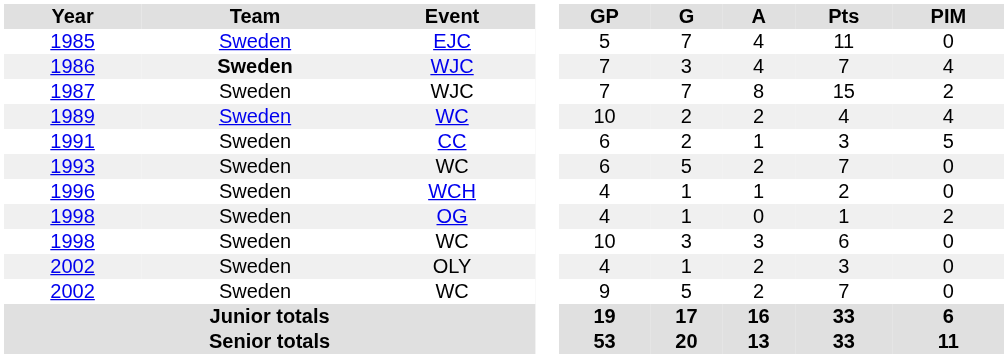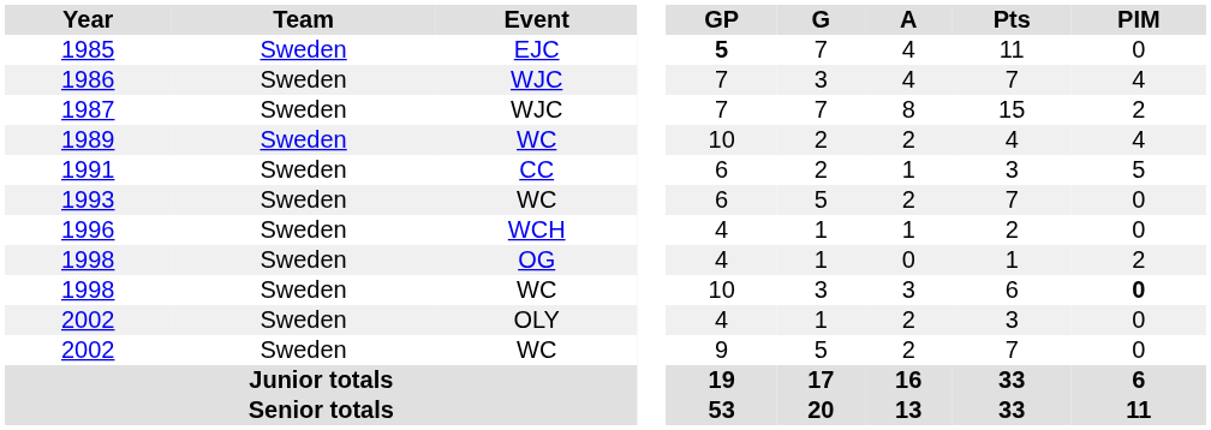 <table border="0" cellpadding="1" cellspacing="0" style="text-align:center; width:50em">
 <tr ALIGN="center" bgcolor="#e0e0e0">
 <th>Year</th>
 <th>Team</th>
 <th>Event</th>
 <th rowspan="99" bgcolor="#ffffff"> </th>
 <th>GP</th>
 <th>G</th>
 <th>A</th>
 <th>Pts</th>
 <th>PIM</th>
 </tr>
 <tr>
 <td><a href='#'>1985</a></td>
 <td><a href='#'>Sweden</a></td>
 <td><a href='#'>EJC</a></td>
-<td>5</td>
+<td><strong>5</strong></td>
 <td>7</td>
 <td>4</td>
 <td>11</td>
 <td>0</td>
 </tr>
 <tr bgcolor="#f0f0f0">
 <td><a href='#'>1986</a></td>
-<td><strong>Sweden</strong></td>
+<td>Sweden</td>
 <td><a href='#'>WJC</a></td>
 <td>7</td>
 <td>3</td>
 <td>4</td>
 <td>7</td>
 <td>4</td>
 </tr>
 <tr>
 <td><a href='#'>1987</a></td>
 <td>Sweden</td>
 <td>WJC</td>
 <td>7</td>
 <td>7</td>
 <td>8</td>
 <td>15</td>
 <td>2</td>
 </tr>
 <tr bgcolor="#f0f0f0">
 <td><a href='#'>1989</a></td>
 <td><a href='#'>Sweden</a></td>
 <td><a href='#'>WC</a></td>
 <td>10</td>
 <td>2</td>
 <td>2</td>
 <td>4</td>
 <td>4</td>
 </tr>
 <tr>
 <td><a href='#'>1991</a></td>
 <td>Sweden</td>
 <td><a href='#'>CC</a></td>
 <td>6</td>
 <td>2</td>
 <td>1</td>
 <td>3</td>
 <td>5</td>
 </tr>
 <tr bgcolor="#f0f0f0">
 <td><a href='#'>1993</a></td>
 <td>Sweden</td>
 <td>WC</td>
 <td>6</td>
 <td>5</td>
 <td>2</td>
 <td>7</td>
 <td>0</td>
 </tr>
 <tr>
 <td><a href='#'>1996</a></td>
 <td>Sweden</td>
 <td><a href='#'>WCH</a></td>
 <td>4</td>
 <td>1</td>
 <td>1</td>
 <td>2</td>
 <td>0</td>
 </tr>
 <tr bgcolor="#f0f0f0">
 <td><a href='#'>1998</a></td>
 <td>Sweden</td>
 <td><a href='#'>OG</a></td>
 <td>4</td>
 <td>1</td>
 <td>0</td>
 <td>1</td>
 <td>2</td>
 </tr>
 <tr>
 <td><a href='#'>1998</a></td>
 <td>Sweden</td>
 <td>WC</td>
 <td>10</td>
 <td>3</td>
 <td>3</td>
 <td>6</td>
-<td>0</td>
+<td><strong>0</strong></td>
 </tr>
 <tr bgcolor="#f0f0f0">
 <td><a href='#'>2002</a></td>
 <td>Sweden</td>
 <td>OLY</td>
 <td>4</td>
 <td>1</td>
 <td>2</td>
 <td>3</td>
 <td>0</td>
 </tr>
 <tr>
 <td><a href='#'>2002</a></td>
 <td>Sweden</td>
 <td>WC</td>
 <td>9</td>
 <td>5</td>
 <td>2</td>
 <td>7</td>
 <td>0</td>
 </tr>
 <tr bgcolor="#e0e0e0">
 <th colspan=3>Junior totals</th>
 <th>19</th>
 <th>17</th>
 <th>16</th>
 <th>33</th>
 <th>6</th>
 </tr>
 <tr bgcolor="#e0e0e0">
 <th colspan=3>Senior totals</th>
 <th>53</th>
 <th>20</th>
 <th>13</th>
 <th>33</th>
 <th>11</th>
 </tr>
 </table>
